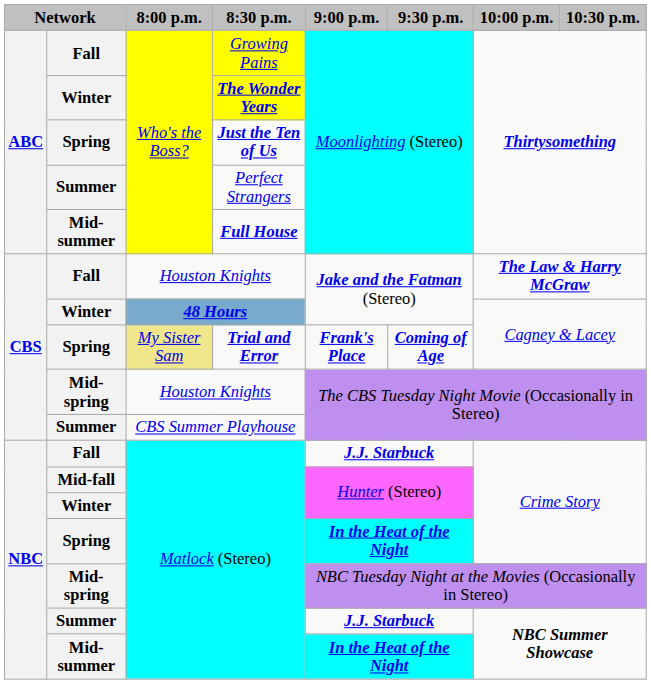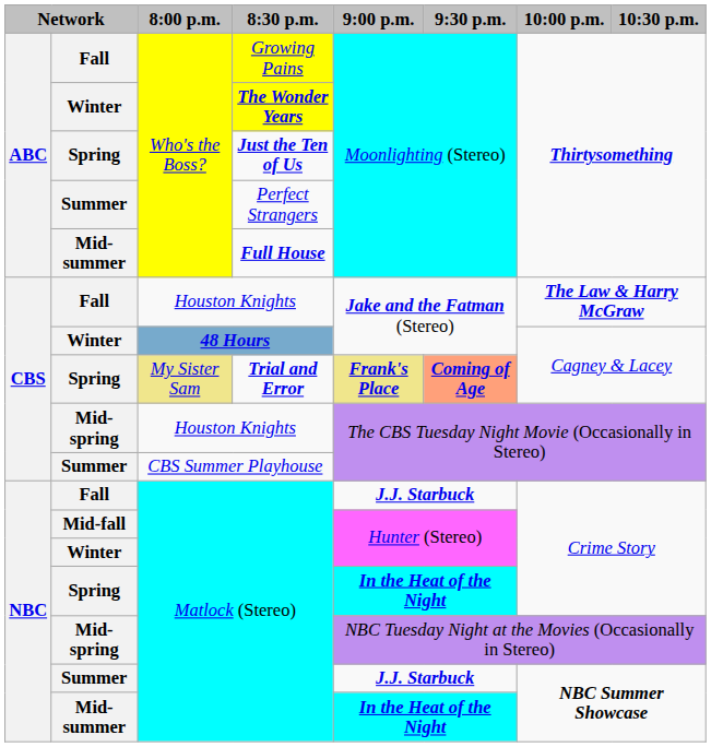 <table class="wikitable" style="width:100%;margin-right:0;text-align:center">
 <tr>
 <th colspan="2" style="background-color:#C0C0C0;text-align:center">Network</th>
 <th style="background-color:#C0C0C0;text-align:center">8:00 p.m.</th>
 <th style="background-color:#C0C0C0;text-align:center">8:30 p.m.</th>
 <th style="background-color:#C0C0C0;text-align:center">9:00 p.m.</th>
 <th style="background-color:#C0C0C0;text-align:center">9:30 p.m.</th>
 <th style="background-color:#C0C0C0;text-align:center">10:00 p.m.</th>
 <th style="background-color:#C0C0C0;text-align:center">10:30 p.m.</th>
 </tr>
 <tr>
 <th rowspan="5"><a href='#'>ABC</a></th>
 <th>Fall</th>
 <td style="background:#FFFF00;" rowspan="5"><em><a href='#'>Who's the Boss?</a></em> </td>
 <td style="background:#FFFF00;"><em><a href='#'>Growing Pains</a></em> </td>
 <td style="background:#00FFFF;" rowspan="5" colspan="2"><em><a href='#'>Moonlighting</a></em> (Stereo) </td>
 <td rowspan="5" colspan="2"><strong><em><a href='#'>Thirtysomething</a></em></strong></td>
 </tr>
 <tr>
 <th>Winter</th>
 <td style="background:#FFFF00;"><strong><em><a href='#'>The Wonder Years</a></em></strong> </td>
 </tr>
 <tr>
 <th>Spring</th>
 <td><strong><em><a href='#'>Just the Ten of Us</a></em></strong></td>
 </tr>
 <tr>
 <th>Summer</th>
 <td><em><a href='#'>Perfect Strangers</a></em></td>
 </tr>
 <tr>
 <th>Mid-summer</th>
 <td><strong><em><a href='#'>Full House</a></em></strong></td>
 </tr>
 <tr>
 <th rowspan="5"><a href='#'>CBS</a></th>
 <th>Fall</th>
 <td colspan="2"><em><a href='#'>Houston Knights</a></em></td>
 <td rowspan="2" colspan="2"><strong><em><a href='#'>Jake and the Fatman</a></em></strong> (Stereo)</td>
 <td colspan="2"><strong><em><a href='#'>The Law & Harry McGraw</a></em></strong></td>
 </tr>
 <tr>
 <th>Winter</th>
 <td colspan="2" style="background:#77AACC;"><strong><em><a href='#'>48 Hours</a></em></strong></td>
 <td rowspan="2" colspan="2"><em><a href='#'>Cagney & Lacey</a></em></td>
 </tr>
 <tr>
 <th>Spring</th>
 <td style="background: khaki;"><em><a href='#'>My Sister Sam</a></em></td>
 <td><strong><em><a href='#'>Trial and Error</a></em></strong></td>
-<td><strong><em><a href='#'>Frank's Place</a></em></strong></td>
-<td><strong><em><a href='#'>Coming of Age</a></em></strong></td>
+<td style="background: khaki;"><strong><em><a href='#'>Frank's Place</a></em></strong></td>
+<td style="background: lightsalmon;"><strong><em><a href='#'>Coming of Age</a></em></strong></td>
 </tr>
 <tr>
 <th>Mid-spring</th>
 <td colspan="2"><em><a href='#'>Houston Knights</a></em></td>
 <td rowspan="2" colspan="4" style="background:#bf8fef;"><em>The CBS Tuesday Night Movie</em> (Occasionally in Stereo)</td>
 </tr>
 <tr>
 <th>Summer</th>
 <td colspan="2"><em><a href='#'>CBS Summer Playhouse</a></em></td>
 </tr>
 <tr>
 <th rowspan="7"><a href='#'>NBC</a></th>
 <th>Fall</th>
 <td style="background:#00FFFF;" rowspan="7" colspan="2"><em><a href='#'>Matlock</a></em> (Stereo) </td>
 <td colspan="2"><strong><em><a href='#'>J.J. Starbuck</a></em></strong></td>
 <td rowspan="4" colspan="2"><em><a href='#'>Crime Story</a></em></td>
 </tr>
 <tr>
 <th>Mid-fall</th>
 <td style="background:#FF66FF;" colspan="2" rowspan="2"><em><a href='#'>Hunter</a></em> (Stereo) </td>
 </tr>
 <tr>
 <th>Winter</th>
 </tr>
 <tr>
 <th>Spring</th>
 <td style="background:#00FFFF;" colspan="2"><strong><em><a href='#'>In the Heat of the Night</a></em></strong> </td>
 </tr>
 <tr>
 <th>Mid-spring</th>
 <td colspan="4" style="background:#bf8fef;"><em>NBC Tuesday Night at the Movies</em> (Occasionally in Stereo)</td>
 </tr>
 <tr>
 <th>Summer</th>
 <td colspan="2"><strong><em><a href='#'>J.J. Starbuck</a></em></strong></td>
 <td rowspan="2" colspan="2"><strong><em>NBC Summer Showcase</em></strong></td>
 </tr>
 <tr>
 <th>Mid-summer</th>
 <td style="background:#00FFFF;" colspan="2"><strong><em><a href='#'>In the Heat of the Night</a></em></strong> </td>
 </tr>
 </table>
